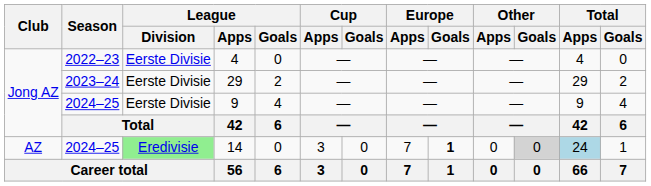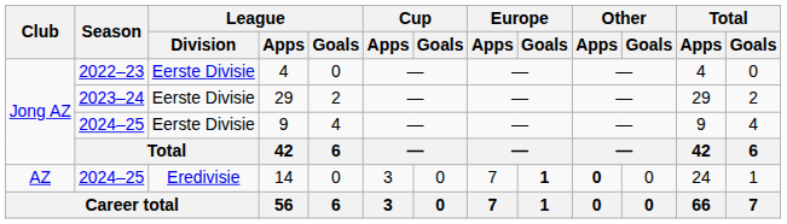 <table class="wikitable" style="text-align: center">
 <tr>
 <th rowspan="2">Club</th>
 <th rowspan="2">Season</th>
 <th colspan="3">League</th>
 <th colspan="2">Cup</th>
 <th colspan="2">Europe</th>
 <th colspan="2">Other</th>
 <th colspan="2">Total</th>
 </tr>
 <tr>
 <th>Division</th>
 <th>Apps</th>
 <th>Goals</th>
 <th>Apps</th>
 <th>Goals</th>
 <th>Apps</th>
 <th>Goals</th>
 <th>Apps</th>
 <th>Goals</th>
 <th>Apps</th>
 <th>Goals</th>
 </tr>
 <tr>
 <td rowspan="4"><a href='#'>Jong AZ</a></td>
 <td><a href='#'>2022–23</a></td>
 <td><a href='#'>Eerste Divisie</a></td>
 <td>4</td>
 <td>0</td>
 <td colspan="2">—</td>
 <td colspan="2">—</td>
 <td colspan="2">—</td>
 <td>4</td>
 <td>0</td>
 </tr>
 <tr>
 <td><a href='#'>2023–24</a></td>
 <td>Eerste Divisie</td>
 <td>29</td>
 <td>2</td>
 <td colspan="2">—</td>
 <td colspan="2">—</td>
 <td colspan="2">—</td>
 <td>29</td>
 <td>2</td>
 </tr>
 <tr>
 <td><a href='#'>2024–25</a></td>
 <td>Eerste Divisie</td>
 <td>9</td>
 <td>4</td>
 <td colspan="2">—</td>
 <td colspan="2">—</td>
 <td colspan="2">—</td>
 <td>9</td>
 <td>4</td>
 </tr>
 <tr>
 <th colspan="2">Total</th>
 <th>42</th>
 <th>6</th>
 <th colspan="2">—</th>
 <th colspan="2">—</th>
 <th colspan="2">—</th>
 <th>42</th>
 <th>6</th>
 </tr>
 <tr>
 <td><a href='#'>AZ</a></td>
 <td><a href='#'>2024–25</a></td>
-<td style="background: lightgreen;"><a href='#'>Eredivisie</a></td>
+<td><a href='#'>Eredivisie</a></td>
 <td>14</td>
 <td>0</td>
 <td>3</td>
 <td>0</td>
 <td>7</td>
 <td><strong>1</strong></td>
+<td><strong>0</strong></td>
 <td>0</td>
-<td style="background: lightgrey;">0</td>
-<td style="background: lightblue;">24</td>
+<td>24</td>
 <td>1</td>
 </tr>
 <tr>
 <th colspan="3">Career total</th>
 <th>56</th>
 <th>6</th>
 <th>3</th>
 <th>0</th>
 <th>7</th>
 <th>1</th>
 <th>0</th>
 <th>0</th>
 <th>66</th>
 <th>7</th>
 </tr>
 </table>
